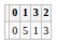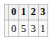 <table class="wikitable" style="text-align:center;">
 <tr>
 <th></th>
 <th>0</th>
 <th>1</th>
+<th>2</th>
 <th>3</th>
-<th>2</th>
 </tr>
 <tr>
 <td></td>
 <td>0</td>
 <td>5</td>
+<td>3</td>
 <td>1</td>
-<td>3</td>
 </tr>
 </table>
